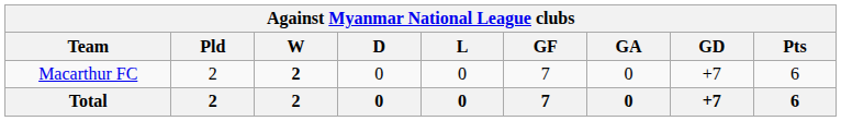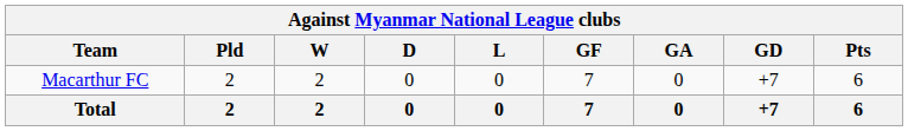 <table width=60% class="wikitable" style="text-align:center">
 <tr>
 <th colspan=9>Against <a href='#'>Myanmar National League</a> clubs</th>
 </tr>
 <tr>
 <th width=10%>Team</th>
 <th width=5%>Pld</th>
 <th width=5%>W</th>
 <th width=5%>D</th>
 <th width=5%>L</th>
 <th width=5%>GF</th>
 <th width=5%>GA</th>
 <th width=5%>GD</th>
 <th width=5%>Pts</th>
 </tr>
 <tr>
 <td align=center><a href='#'>Macarthur FC</a></td>
 <td>2</td>
-<td><strong>2</strong></td>
+<td>2</td>
 <td>0</td>
 <td>0</td>
 <td>7</td>
 <td>0</td>
 <td>+7</td>
 <td>6</td>
 </tr>
 <tr>
 <th>Total</th>
 <th>2</th>
 <th>2</th>
 <th>0</th>
 <th>0</th>
 <th>7</th>
 <th>0</th>
 <th>+7</th>
 <th>6</th>
 </tr>
 </table>
